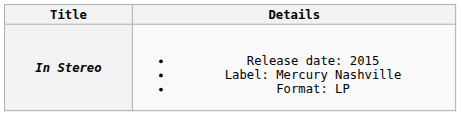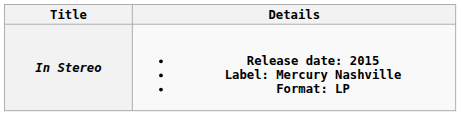 <table class="wikitable plainrowheaders" style="text-align:center;">
 <tr>
 <th style="width:10em;">Title</th>
 <th style="width:26em;">Details</th>
 </tr>
 <tr>
 <th scope="row"><em>In Stereo</em></th>
-<td><br><ul><li>Release date: 2015 </li><li>Label: Mercury Nashville</li><li>Format: LP</li></ul></td>
+<td><strong><br><ul><li>Release date: 2015 </li><li>Label: Mercury Nashville</li><li>Format: LP</li></ul></strong></td>
 </tr>
 </table>
